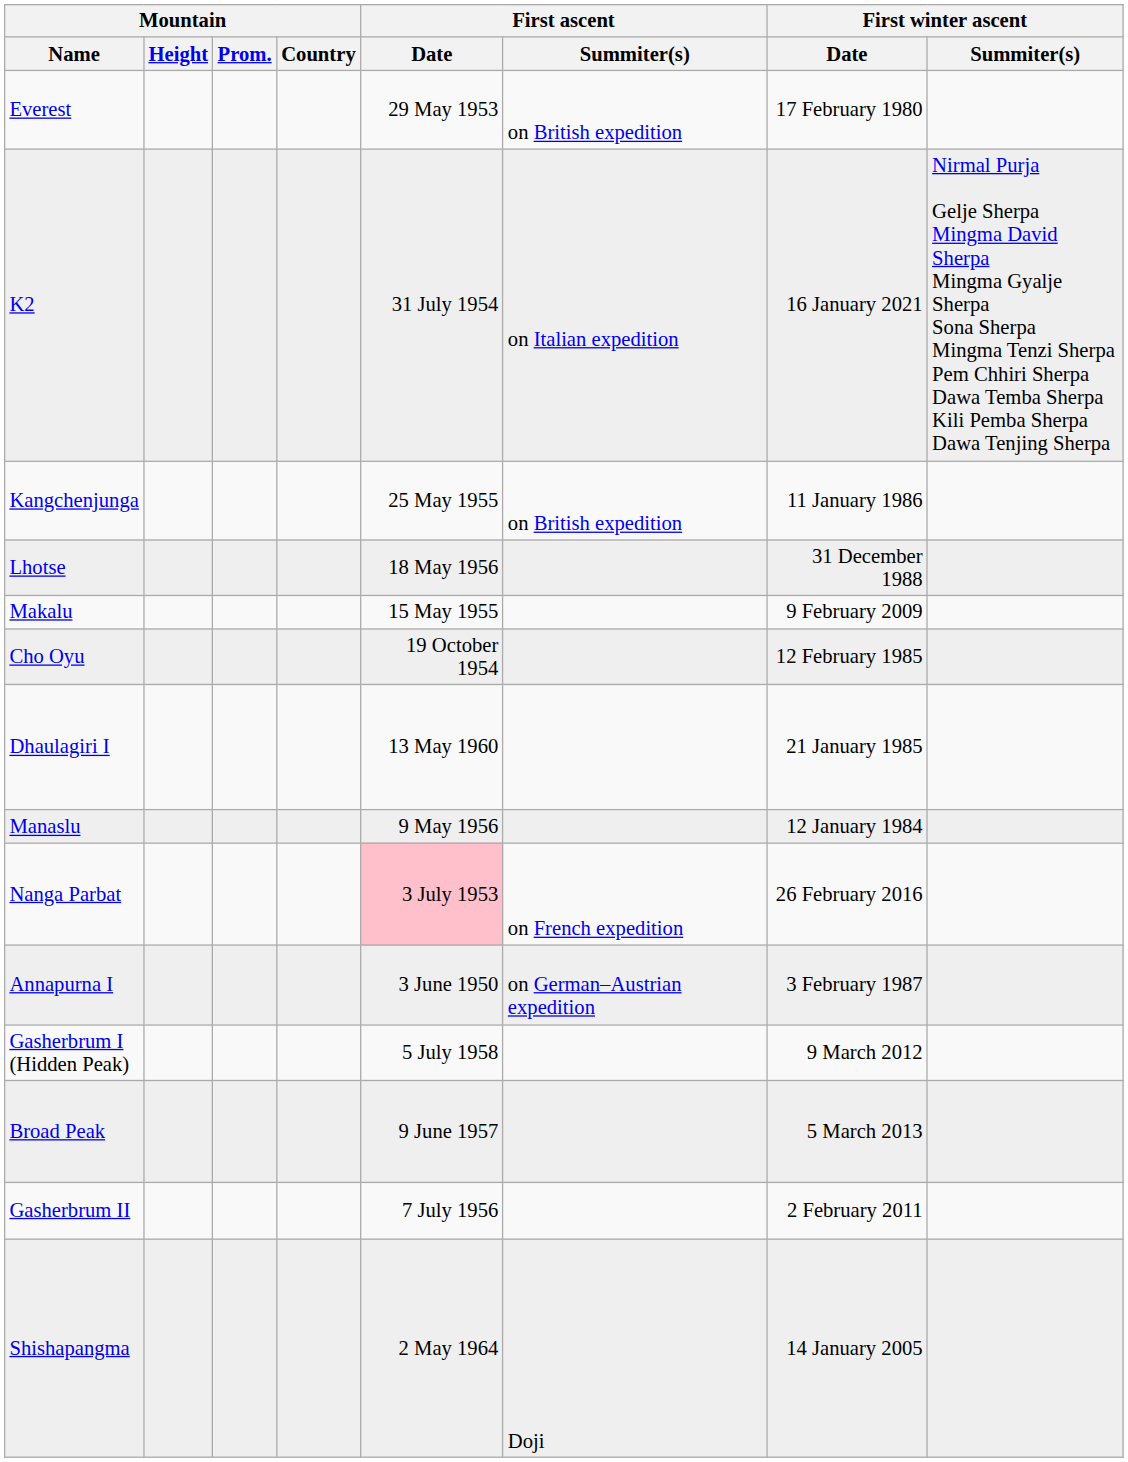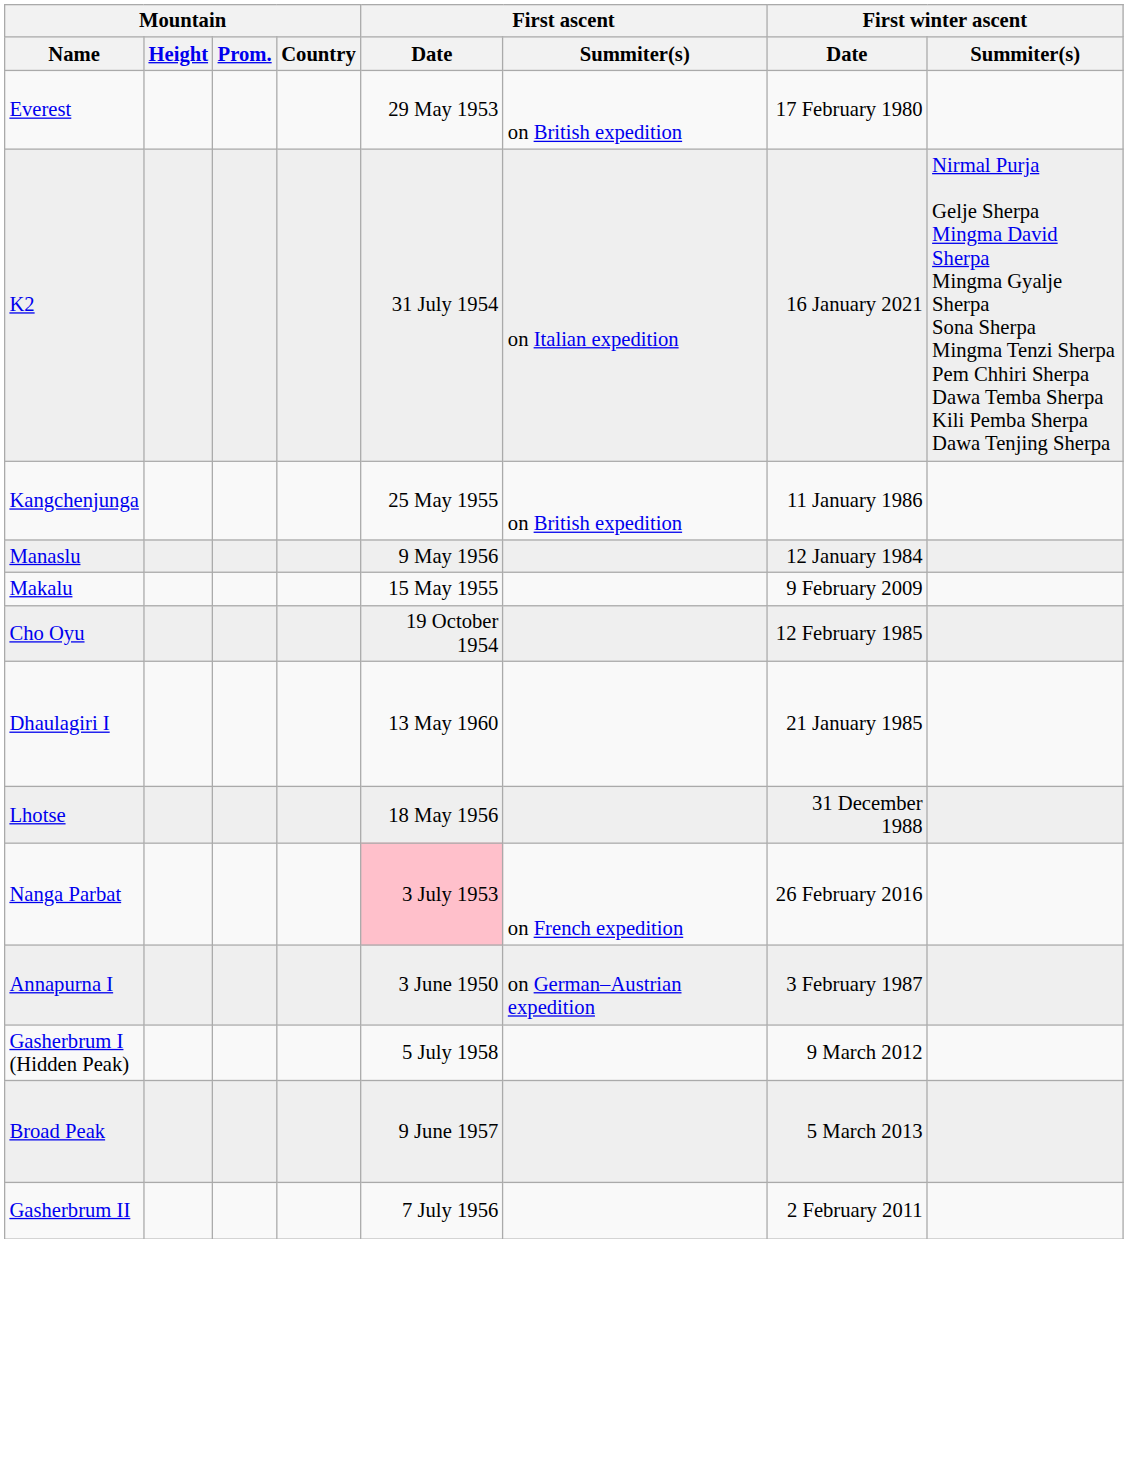 <table class="wikitable sortable">
 <tr>
 <th colspan="4">Mountain</th>
 <th colspan="2">First ascent</th>
 <th colspan="2">First winter ascent</th>
 </tr>
 <tr>
 <th>Name</th>
 <th><a href='#'>Height</a></th>
 <th><a href='#'>Prom.</a></th>
 <th>Country</th>
 <th>Date</th>
 <th>Summiter(s)</th>
 <th>Date</th>
 <th>Summiter(s)</th>
 </tr>
 <tr>
 <td><a href='#'>Everest</a></td>
 <td style="text-align: right;"></td>
 <td style="text-align: right;"></td>
 <td><br></td>
 <td style="text-align: right;">29 May 1953<br></td>
 <td><br>  <br>on <a href='#'>British expedition</a></td>
 <td style="text-align: right;">17 February 1980<br></td>
 <td><br></td>
 </tr>
 <tr style="background:#efefef;">
 <td><a href='#'>K2</a></td>
 <td style="text-align: right;"></td>
 <td style="text-align: right;"></td>
 <td><br></td>
 <td style="text-align: right;">31 July 1954</td>
 <td><br><br><br>on <a href='#'>Italian expedition</a></td>
 <td style="text-align: right;">16 January 2021</td>
 <td> <a href='#'>Nirmal Purja</a><br><br> Gelje Sherpa<br>  <a href='#'>Mingma David Sherpa</a><br>  Mingma Gyalje Sherpa<br>  Sona Sherpa<br>  Mingma Tenzi Sherpa<br>  Pem Chhiri Sherpa<br>  Dawa Temba Sherpa<br>  Kili Pemba Sherpa<br>  Dawa Tenjing Sherpa</td>
 </tr>
 <tr>
 <td><a href='#'>Kangchenjunga</a></td>
 <td style="text-align: right;"></td>
 <td style="text-align: right;"></td>
 <td><br></td>
 <td style="text-align: right;">25 May 1955</td>
 <td><br><br>on <a href='#'>British expedition</a></td>
 <td style="text-align: right;">11 January 1986</td>
 <td><br></td>
 </tr>
 <tr style="background:#efefef;">
-<td><a href='#'>Lhotse</a></td>
+<td><a href='#'>Manaslu</a></td>
 <td style="text-align: right;"></td>
-<td style="text-align: right;" data-sort-value="0,610"></td>
+<td style="text-align: right;"></td>
+<td></td>
+<td style="text-align: right;">9 May 1956</td>
 <td><br></td>
-<td style="text-align: right;">18 May 1956</td>
+<td style="text-align: right;">12 January 1984</td>
 <td><br></td>
-<td style="text-align: right;">31 December 1988</td>
-<td></td>
 </tr>
 <tr>
 <td><a href='#'>Makalu</a></td>
 <td style="text-align: right;"></td>
 <td style="text-align: right;"></td>
 <td><br></td>
 <td style="text-align: right;">15 May 1955</td>
 <td><br></td>
 <td style="text-align: right;">9 February 2009</td>
 <td><br></td>
 </tr>
 <tr style="background:#efefef;">
 <td><a href='#'>Cho Oyu</a></td>
 <td style="text-align: right;"></td>
 <td style="text-align: right;"></td>
 <td><br></td>
 <td style="text-align: right;">19 October 1954</td>
 <td><br><br></td>
 <td style="text-align: right;">12 February 1985</td>
 <td><br></td>
 </tr>
 <tr>
 <td><a href='#'>Dhaulagiri I</a></td>
 <td style="text-align: right;"></td>
 <td style="text-align: right;"></td>
 <td></td>
 <td style="text-align: right;">13 May 1960</td>
 <td><br><br><br><br><br></td>
 <td style="text-align: right;">21 January 1985</td>
 <td><br></td>
 </tr>
 <tr style="background:#efefef;">
-<td><a href='#'>Manaslu</a></td>
+<td><a href='#'>Lhotse</a></td>
 <td style="text-align: right;"></td>
-<td style="text-align: right;"></td>
+<td style="text-align: right;" data-sort-value="0,610"></td>
+<td><br></td>
+<td style="text-align: right;">18 May 1956</td>
+<td><br></td>
+<td style="text-align: right;">31 December 1988</td>
 <td></td>
-<td style="text-align: right;">9 May 1956</td>
-<td><br></td>
-<td style="text-align: right;">12 January 1984</td>
-<td><br></td>
 </tr>
 <tr>
 <td><a href='#'>Nanga Parbat</a></td>
 <td style="text-align: right;"></td>
 <td style="text-align: right;"></td>
 <td></td>
 <td style="background: pink; text-align: right;">3 July 1953</td>
 <td><br><br><br>on <a href='#'>French expedition</a></td>
 <td style="text-align: right;">26 February 2016</td>
 <td><br><br></td>
 </tr>
 <tr style="background:#efefef;">
 <td><a href='#'>Annapurna I</a></td>
 <td style="text-align: right;"></td>
 <td style="text-align: right;"></td>
 <td></td>
 <td style="text-align: right;">3 June 1950</td>
 <td><br>on <a href='#'>German–Austrian expedition</a></td>
 <td style="text-align: right;">3 February 1987</td>
 <td><br></td>
 </tr>
 <tr>
 <td><a href='#'>Gasherbrum I</a><br>(Hidden Peak)</td>
 <td style="text-align: right;"></td>
 <td style="text-align: right;"></td>
 <td><br></td>
 <td style="text-align: right;">5 July 1958</td>
 <td><br></td>
 <td style="text-align: right;">9 March 2012</td>
 <td><br></td>
 </tr>
 <tr style="background:#efefef;">
 <td><a href='#'>Broad Peak</a></td>
 <td style="text-align: right;"></td>
 <td style="text-align: right;"></td>
 <td><br></td>
 <td style="text-align: right;">9 June 1957</td>
 <td><br><br><br><br></td>
 <td style="text-align: right;">5 March 2013</td>
 <td><br><br><br></td>
 </tr>
 <tr>
 <td><a href='#'>Gasherbrum II</a></td>
 <td style="text-align: right;"></td>
 <td style="text-align: right;"></td>
 <td><br></td>
 <td style="text-align: right;">7 July 1956</td>
 <td><br><br></td>
 <td style="text-align: right;">2 February 2011</td>
 <td><br><br></td>
 </tr>
-<tr style="background:#efefef;">
-<td><a href='#'>Shishapangma</a></td>
-<td style="text-align: right;"></td>
-<td style="text-align: right;"></td>
-<td></td>
-<td style="text-align: right;">2 May 1964</td>
-<td><br><br><br><br><br><br><br><br> Doji<br></td>
-<td style="text-align: right;">14 January 2005</td>
-<td><br></td>
-</tr>
 </table>
